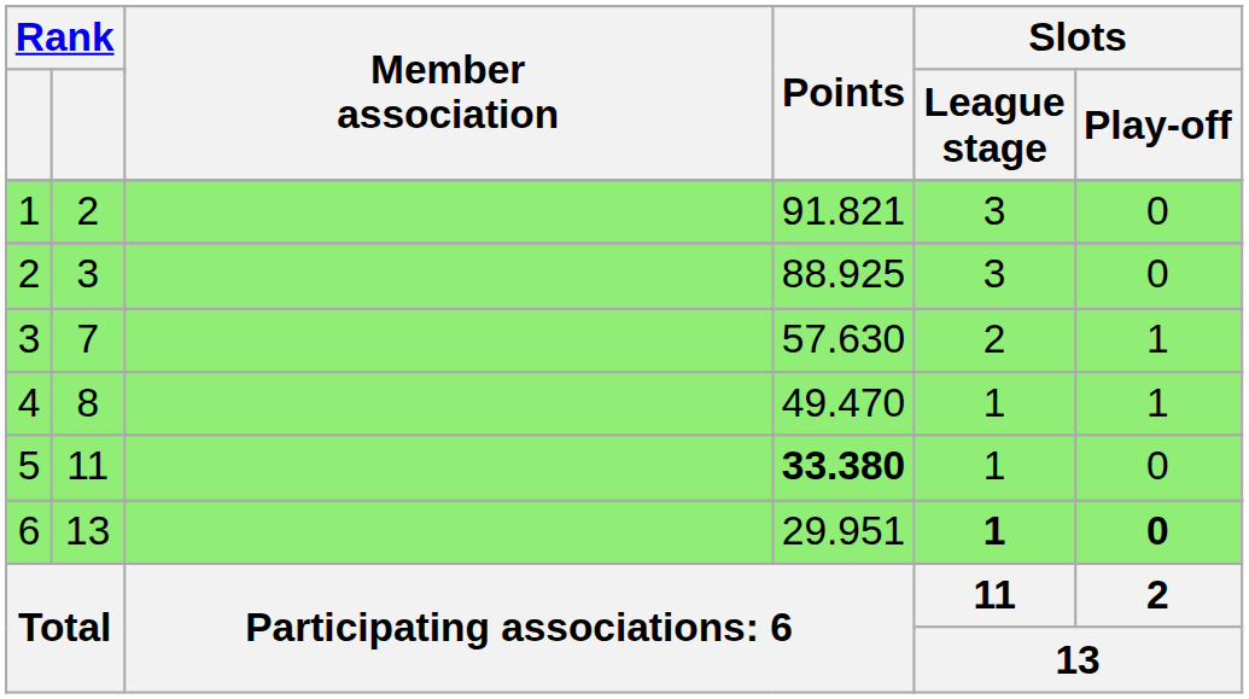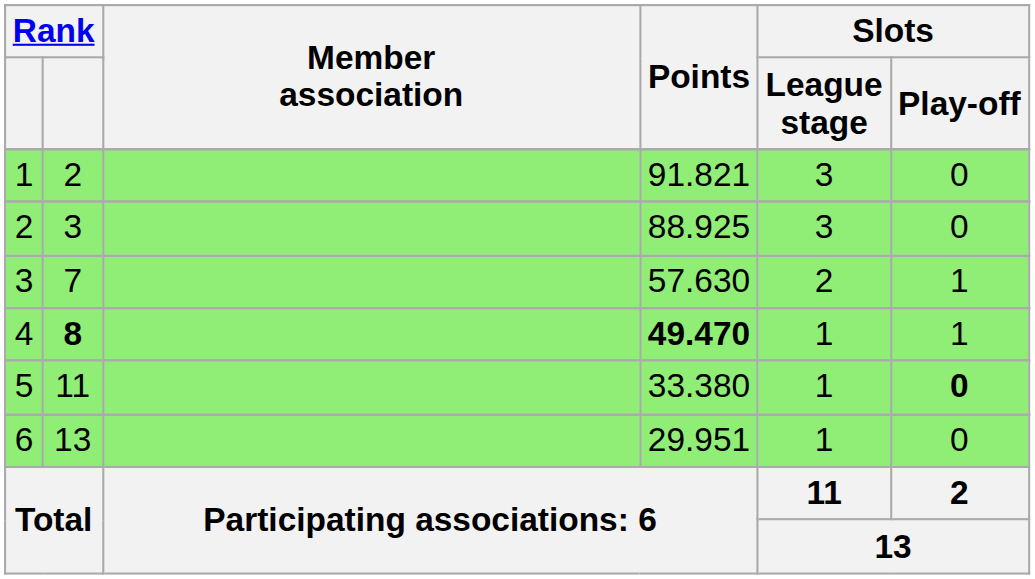 <table class="wikitable" style="text-align:center">
 <tr>
 </tr>
 <tr>
 <th colspan=2 rowspan=2><a href='#'>Rank</a></th>
 <th rowspan=3 width=250>Member<br>association</th>
 <th rowspan=3>Points</th>
 <th colspan=4>Slots</th>
 </tr>
 <tr>
 <th rowspan=2>League<br>stage</th>
 <th rowspan=2>Play-off</th>
 </tr>
 <tr>
 <th></th>
 <th></th>
 </tr>
 <tr>
 </tr>
 <tr bgcolor=#90ee77>
 <td>1</td>
 <td>2</td>
 <td align=left></td>
 <td>91.821</td>
 <td>3</td>
 <td>0</td>
 </tr>
 <tr>
 </tr>
 <tr bgcolor=#90ee77>
 <td>2</td>
 <td>3</td>
 <td align=left></td>
 <td>88.925</td>
 <td>3</td>
 <td>0</td>
 </tr>
 <tr>
 </tr>
 <tr bgcolor=#90ee77>
 <td>3</td>
 <td>7</td>
 <td align=left></td>
 <td>57.630</td>
 <td>2</td>
 <td>1</td>
 </tr>
 <tr>
 </tr>
 <tr bgcolor=#90ee77>
 <td>4</td>
-<td>8</td>
+<td><strong>8</strong></td>
 <td align=left></td>
-<td>49.470</td>
+<td><strong>49.470</strong></td>
 <td>1</td>
 <td>1</td>
 </tr>
 <tr>
 </tr>
 <tr bgcolor=#90ee77>
 <td>5</td>
 <td>11</td>
 <td align=left></td>
-<td><strong>33.380</strong></td>
+<td>33.380</td>
 <td>1</td>
-<td>0</td>
+<td><strong>0</strong></td>
 </tr>
 <tr>
 </tr>
 <tr bgcolor=#90ee77>
 <td>6</td>
 <td>13</td>
 <td align=left></td>
 <td>29.951</td>
-<td><strong>1</strong></td>
-<td><strong>0</strong></td>
+<td>1</td>
+<td>0</td>
 </tr>
 <tr>
 <th colspan=2 rowspan=2>Total</th>
 <th colspan=2 rowspan=2>Participating associations: 6</th>
 <th>11</th>
 <th>2</th>
 </tr>
 <tr>
 <th colspan=3>13</th>
 </tr>
 </table>
